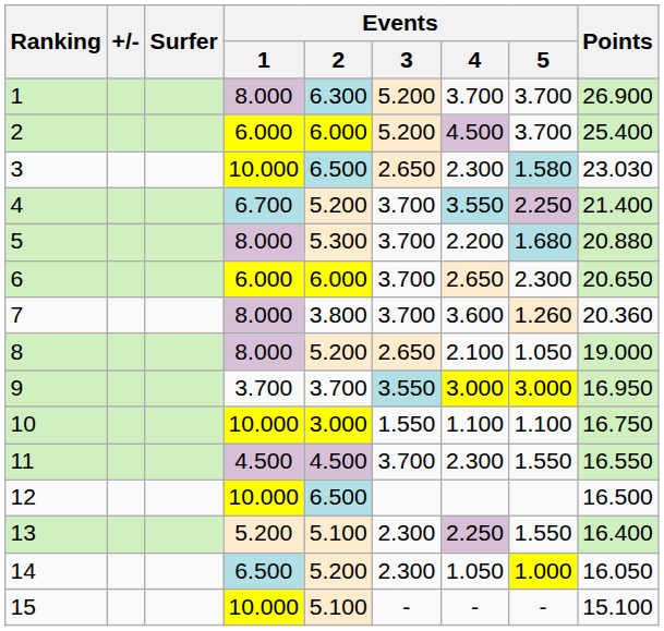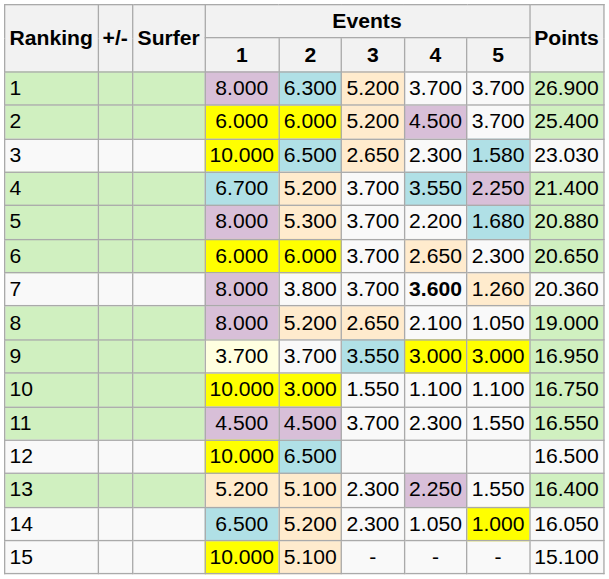 <table class="wikitable" style="text-align: center;">
 <tr>
 <th rowspan="2">Ranking</th>
 <th rowspan="2">+/-</th>
 <th rowspan="2">Surfer</th>
 <th colspan="5">Events</th>
 <th rowspan="2">Points</th>
 </tr>
 <tr>
 <th>1</th>
 <th>2</th>
 <th>3</th>
 <th>4</th>
 <th>5</th>
 </tr>
 <tr>
 <td style="text-align:left" bgcolor=D0F0C0>1</td>
 <td bgcolor=D0F0C0></td>
 <td style="text-align:left" bgcolor=D0F0C0></td>
 <td bgcolor=thistle><span>8.000</span></td>
 <td bgcolor=#B0E0E6><span>6.300</span></td>
 <td bgcolor=ffebcd><span>5.200</span></td>
 <td><span>3.700</span></td>
 <td><span>3.700</span></td>
 <td bgcolor=D0F0C0>26.900</td>
 </tr>
 <tr>
 <td style="text-align:left" bgcolor=D0F0C0>2</td>
 <td bgcolor=D0F0C0></td>
 <td style="text-align:left" bgcolor=D0F0C0></td>
 <td bgcolor=yellow><span>6.000</span></td>
 <td bgcolor=yellow><span>6.000</span></td>
 <td bgcolor=ffebcd><span>5.200</span></td>
 <td bgcolor=thistle><span>4.500</span></td>
 <td><span>3.700</span></td>
 <td bgcolor=D0F0C0>25.400</td>
 </tr>
 <tr>
 <td style=text-align:left>3</td>
 <td></td>
 <td style=text-align:left></td>
 <td bgcolor=yellow><span>10.000</span></td>
 <td bgcolor=#B0E0E6><span>6.500</span></td>
 <td bgcolor=ffebcd><span>2.650</span></td>
 <td><span>2.300</span></td>
 <td bgcolor=#B0E0E6><span>1.580</span></td>
 <td>23.030</td>
 </tr>
 <tr>
 <td style="text-align:left" bgcolor=D0F0C0>4</td>
 <td bgcolor=D0F0C0></td>
 <td style="text-align:left" bgcolor=D0F0C0></td>
 <td bgcolor=#B0E0E6><span>6.700</span></td>
 <td bgcolor=ffebcd><span>5.200</span></td>
 <td><span>3.700</span></td>
 <td bgcolor=#B0E0E6><span>3.550</span></td>
 <td bgcolor=thistle><span>2.250</span></td>
 <td bgcolor=D0F0C0>21.400</td>
 </tr>
 <tr>
 <td style="text-align:left" bgcolor=D0F0C0>5</td>
 <td bgcolor=D0F0C0></td>
 <td style="text-align:left" bgcolor=D0F0C0></td>
 <td bgcolor=thistle><span>8.000</span></td>
 <td bgcolor=ffebcd><span>5.300</span></td>
 <td><span>3.700</span></td>
 <td><span>2.200</span></td>
 <td bgcolor=#B0E0E6><span>1.680</span></td>
 <td bgcolor=D0F0C0>20.880</td>
 </tr>
 <tr>
 <td style="text-align:left" bgcolor=D0F0C0>6</td>
 <td bgcolor=D0F0C0></td>
 <td style="text-align:left" bgcolor=D0F0C0></td>
 <td bgcolor=yellow><span>6.000</span></td>
 <td bgcolor=yellow><span>6.000</span></td>
 <td><span>3.700</span></td>
 <td bgcolor=ffebcd><span>2.650</span></td>
 <td><span>2.300</span></td>
 <td bgcolor=D0F0C0>20.650</td>
 </tr>
 <tr>
 <td style=text-align:left>7</td>
 <td></td>
 <td style=text-align:left></td>
 <td bgcolor=thistle><span>8.000</span></td>
 <td><span>3.800</span></td>
 <td><span>3.700</span></td>
-<td><span>3.600</span></td>
+<td><strong><span>3.600</span></strong></td>
 <td bgcolor=ffebcd><span>1.260</span></td>
 <td>20.360</td>
 </tr>
 <tr>
 <td style="text-align:left" bgcolor=D0F0C0>8</td>
 <td bgcolor=D0F0C0></td>
 <td style="text-align:left" bgcolor=D0F0C0></td>
 <td bgcolor=thistle><span>8.000</span></td>
 <td bgcolor=ffebcd><span>5.200</span></td>
 <td bgcolor=ffebcd><span>2.650</span></td>
 <td><span>2.100</span></td>
 <td><span>1.050</span></td>
 <td bgcolor=D0F0C0>19.000</td>
 </tr>
 <tr>
 <td style="text-align:left" bgcolor=D0F0C0>9</td>
 <td bgcolor=D0F0C0></td>
 <td style="text-align:left" bgcolor=D0F0C0></td>
-<td><span>3.700</span></td>
+<td style="background: lightyellow;"><span>3.700</span></td>
 <td><span>3.700</span></td>
 <td bgcolor=#B0E0E6><span>3.550</span></td>
 <td bgcolor=yellow><span>3.000</span></td>
 <td bgcolor=yellow><span>3.000</span></td>
 <td bgcolor=D0F0C0>16.950</td>
 </tr>
 <tr>
 <td style="text-align:left" bgcolor=D0F0C0>10</td>
 <td bgcolor=D0F0C0></td>
 <td style="text-align:left" bgcolor=D0F0C0></td>
 <td bgcolor=yellow><span>10.000</span></td>
 <td bgcolor=yellow><span>3.000</span></td>
 <td><span>1.550</span></td>
 <td><span>1.100</span></td>
 <td><span>1.100</span></td>
 <td bgcolor=D0F0C0>16.750</td>
 </tr>
 <tr>
 <td style="text-align:left" bgcolor=D0F0C0>11</td>
 <td bgcolor=D0F0C0></td>
 <td style="text-align:left" bgcolor=D0F0C0></td>
 <td bgcolor=thistle><span>4.500</span></td>
 <td bgcolor=thistle><span>4.500</span></td>
 <td><span>3.700</span></td>
 <td><span>2.300</span></td>
 <td><span>1.550</span></td>
 <td bgcolor=D0F0C0>16.550</td>
 </tr>
 <tr>
 <td style=text-align:left>12</td>
 <td></td>
 <td style=text-align:left></td>
 <td bgcolor=yellow><span>10.000</span></td>
 <td bgcolor=#B0E0E6><span>6.500</span></td>
 <td></td>
 <td></td>
 <td></td>
 <td>16.500</td>
 </tr>
 <tr>
 <td style="text-align:left" bgcolor=D0F0C0>13</td>
 <td bgcolor=D0F0C0></td>
 <td style="text-align:left" bgcolor=D0F0C0></td>
 <td bgcolor=ffebcd><span>5.200</span></td>
 <td bgcolor=ffebcd><span>5.100</span></td>
 <td><span>2.300</span></td>
 <td bgcolor=thistle><span>2.250</span></td>
 <td><span>1.550</span></td>
 <td bgcolor=D0F0C0>16.400</td>
 </tr>
 <tr>
 <td style=text-align:left>14</td>
 <td></td>
 <td style=text-align:left></td>
 <td bgcolor=#B0E0E6><span>6.500</span></td>
 <td bgcolor=ffebcd><span>5.200</span></td>
 <td><span>2.300</span></td>
 <td><span>1.050</span></td>
 <td bgcolor=yellow><span>1.000</span></td>
 <td>16.050</td>
 </tr>
 <tr>
 <td style=text-align:left>15</td>
 <td></td>
 <td style=text-align:left></td>
 <td bgcolor=yellow><span>10.000</span></td>
 <td bgcolor=ffebcd><span>5.100</span></td>
 <td>-</td>
 <td>-</td>
 <td>-</td>
 <td>15.100</td>
 </tr>
 </table>
